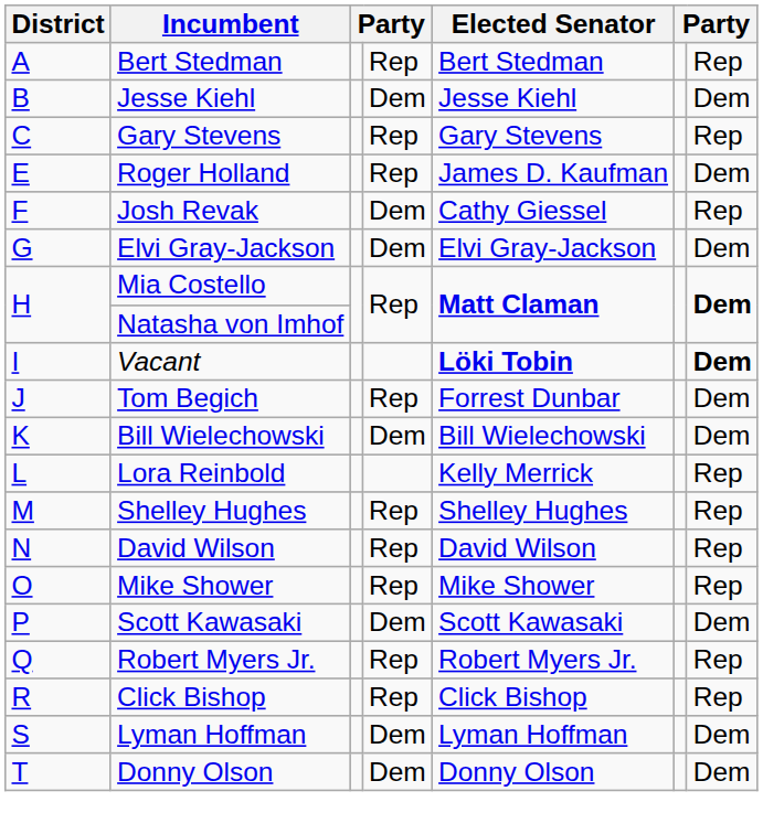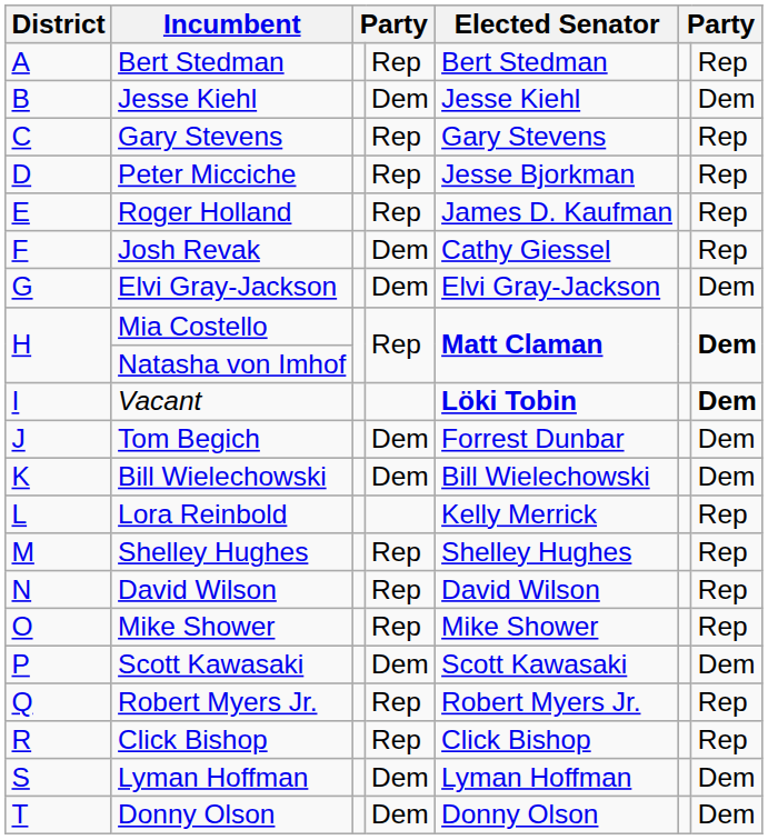 <table class="sortable wikitable" style="font-size:95%;line-height:14px;">
 <tr>
 <th class="unsortable">District</th>
 <th class="unsortable"><a href='#'>Incumbent</a></th>
 <th colspan="2">Party</th>
 <th class="unsortable">Elected Senator</th>
 <th colspan="2">Party</th>
 </tr>
 <tr>
 <td><a href='#'>A</a></td>
 <td><a href='#'>Bert Stedman</a></td>
 <td style="background:"></td>
 <td>Rep</td>
 <td><a href='#'>Bert Stedman</a></td>
 <td style="background:"></td>
 <td>Rep</td>
 </tr>
 <tr>
 <td><a href='#'>B</a></td>
 <td><a href='#'>Jesse Kiehl</a></td>
 <td style="background:"></td>
 <td>Dem</td>
 <td><a href='#'>Jesse Kiehl</a></td>
 <td style="background:"></td>
 <td>Dem</td>
 </tr>
 <tr>
 <td><a href='#'>C</a></td>
 <td><a href='#'>Gary Stevens</a></td>
 <td style="background:"></td>
 <td>Rep</td>
 <td><a href='#'>Gary Stevens</a></td>
 <td style="background:"></td>
 <td>Rep</td>
 </tr>
 <tr>
+<td><a href='#'>D</a></td>
+<td><a href='#'>Peter Micciche</a></td>
+<td style="background:"></td>
+<td>Rep</td>
+<td><a href='#'>Jesse Bjorkman</a></td>
+<td style="background:"></td>
+<td>Rep</td>
+</tr>
+<tr>
 <td><a href='#'>E</a></td>
 <td><a href='#'>Roger Holland</a></td>
 <td style="background:"></td>
 <td>Rep</td>
 <td><a href='#'>James D. Kaufman</a></td>
 <td style="background:"></td>
-<td>Dem</td>
+<td>Rep</td>
 </tr>
 <tr>
 <td><a href='#'>F</a></td>
 <td><a href='#'>Josh Revak</a></td>
 <td style="background:"></td>
 <td>Dem</td>
 <td><a href='#'>Cathy Giessel</a></td>
 <td style="background:"></td>
 <td>Rep</td>
 </tr>
 <tr>
 <td><a href='#'>G</a></td>
 <td><a href='#'>Elvi Gray-Jackson</a></td>
 <td style="background:"></td>
 <td>Dem</td>
 <td><a href='#'>Elvi Gray-Jackson</a></td>
 <td style="background:"></td>
 <td>Dem</td>
 </tr>
 <tr>
 <td rowspan=2><a href='#'>H</a></td>
 <td><a href='#'>Mia Costello</a></td>
 <td rowspan=2 style="background:"></td>
 <td rowspan=2>Rep</td>
 <td rowspan=2><strong><a href='#'>Matt Claman</a></strong></td>
 <td rowspan=2 style="background:"></td>
 <td rowspan=2><strong>Dem</strong></td>
 </tr>
 <tr>
 <td><a href='#'>Natasha von Imhof</a></td>
 </tr>
 <tr>
 <td><a href='#'>I</a></td>
 <td><em>Vacant</em></td>
 <td style="background:"></td>
 <td></td>
 <td><strong><a href='#'>Löki Tobin</a></strong></td>
 <td style="background:"></td>
 <td><strong>Dem</strong></td>
 </tr>
 <tr>
 <td><a href='#'>J</a></td>
 <td><a href='#'>Tom Begich</a></td>
 <td style="background:"></td>
-<td>Rep</td>
+<td>Dem</td>
 <td><a href='#'>Forrest Dunbar</a></td>
 <td style="background:"></td>
 <td>Dem</td>
 </tr>
 <tr>
 <td><a href='#'>K</a></td>
 <td><a href='#'>Bill Wielechowski</a></td>
 <td style="background:"></td>
 <td>Dem</td>
 <td><a href='#'>Bill Wielechowski</a></td>
 <td style="background:"></td>
 <td>Dem</td>
 </tr>
 <tr>
 <td><a href='#'>L</a></td>
 <td><a href='#'>Lora Reinbold</a></td>
 <td style="background:"></td>
 <td></td>
 <td><a href='#'>Kelly Merrick</a></td>
 <td style="background:"></td>
 <td>Rep</td>
 </tr>
 <tr>
 <td><a href='#'>M</a></td>
 <td><a href='#'>Shelley Hughes</a></td>
 <td style="background:"></td>
 <td>Rep</td>
 <td><a href='#'>Shelley Hughes</a></td>
 <td style="background:"></td>
 <td>Rep</td>
 </tr>
 <tr>
 <td><a href='#'>N</a></td>
 <td><a href='#'>David Wilson</a></td>
 <td style="background:"></td>
 <td>Rep</td>
 <td><a href='#'>David Wilson</a></td>
 <td style="background:"></td>
 <td>Rep</td>
 </tr>
 <tr>
 <td><a href='#'>O</a></td>
 <td><a href='#'>Mike Shower</a></td>
 <td style="background:"></td>
 <td>Rep</td>
 <td><a href='#'>Mike Shower</a></td>
 <td style="background:"></td>
 <td>Rep</td>
 </tr>
 <tr>
 <td><a href='#'>P</a></td>
 <td><a href='#'>Scott Kawasaki</a></td>
 <td style="background:"></td>
 <td>Dem</td>
 <td><a href='#'>Scott Kawasaki</a></td>
 <td style="background:"></td>
 <td>Dem</td>
 </tr>
 <tr>
 <td><a href='#'>Q</a></td>
 <td><a href='#'>Robert Myers Jr.</a></td>
 <td style="background:"></td>
 <td>Rep</td>
 <td><a href='#'>Robert Myers Jr.</a></td>
 <td style="background:"></td>
 <td>Rep</td>
 </tr>
 <tr>
 <td><a href='#'>R</a></td>
 <td><a href='#'>Click Bishop</a></td>
 <td style="background:"></td>
 <td>Rep</td>
 <td><a href='#'>Click Bishop</a></td>
 <td style="background:"></td>
 <td>Rep</td>
 </tr>
 <tr>
 <td><a href='#'>S</a></td>
 <td><a href='#'>Lyman Hoffman</a></td>
 <td style="background:"></td>
 <td>Dem</td>
 <td><a href='#'>Lyman Hoffman</a></td>
 <td style="background:"></td>
 <td>Dem</td>
 </tr>
 <tr>
 <td><a href='#'>T</a></td>
 <td><a href='#'>Donny Olson</a></td>
 <td style="background:"></td>
 <td>Dem</td>
 <td><a href='#'>Donny Olson</a></td>
 <td style="background:"></td>
 <td>Dem</td>
 </tr>
 </table>
